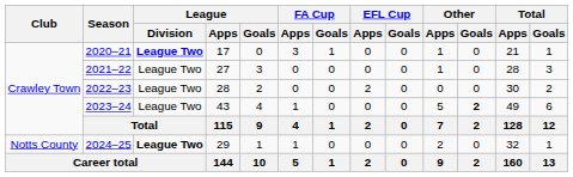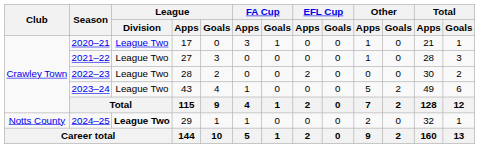 <table class=wikitable style=text-align:center>
 <tr>
 <th rowspan="2">Club</th>
 <th rowspan="2">Season</th>
 <th colspan="3">League</th>
 <th colspan="2"><a href='#'>FA Cup</a></th>
 <th colspan="2"><a href='#'>EFL Cup</a></th>
 <th colspan="2">Other</th>
 <th colspan="2">Total</th>
 </tr>
 <tr>
 <th>Division</th>
 <th>Apps</th>
 <th>Goals</th>
 <th>Apps</th>
 <th>Goals</th>
 <th>Apps</th>
 <th>Goals</th>
 <th>Apps</th>
 <th>Goals</th>
 <th>Apps</th>
 <th>Goals</th>
 </tr>
 <tr>
 <td rowspan="5"><a href='#'>Crawley Town</a></td>
 <td><a href='#'>2020–21</a></td>
-<td><strong><a href='#'>League Two</a></strong></td>
+<td><a href='#'>League Two</a></td>
 <td>17</td>
 <td>0</td>
 <td>3</td>
 <td>1</td>
 <td>0</td>
 <td>0</td>
 <td>1</td>
 <td>0</td>
 <td>21</td>
 <td>1</td>
 </tr>
 <tr>
 <td><a href='#'>2021–22</a></td>
 <td>League Two</td>
 <td>27</td>
 <td>3</td>
 <td>0</td>
 <td>0</td>
 <td>0</td>
 <td>0</td>
 <td>1</td>
 <td>0</td>
 <td>28</td>
 <td>3</td>
 </tr>
 <tr>
 <td><a href='#'>2022–23</a></td>
 <td>League Two</td>
 <td>28</td>
 <td>2</td>
 <td>0</td>
 <td>0</td>
 <td>2</td>
 <td>0</td>
 <td>0</td>
 <td>0</td>
 <td>30</td>
 <td>2</td>
 </tr>
 <tr>
 <td><a href='#'>2023–24</a></td>
 <td>League Two</td>
 <td>43</td>
 <td>4</td>
 <td>1</td>
 <td>0</td>
 <td>0</td>
 <td>0</td>
 <td>5</td>
-<td><strong>2</strong></td>
+<td>2</td>
 <td>49</td>
 <td>6</td>
 </tr>
 <tr>
 <th colspan="2">Total</th>
 <th>115</th>
 <th>9</th>
 <th>4</th>
 <th>1</th>
 <th>2</th>
 <th>0</th>
 <th>7</th>
 <th>2</th>
 <th>128</th>
 <th>12</th>
 </tr>
 <tr>
 <td><a href='#'>Notts County</a></td>
 <td><a href='#'>2024–25</a></td>
 <td><strong>League Two</strong></td>
 <td>29</td>
 <td>1</td>
 <td>1</td>
 <td>0</td>
 <td>0</td>
 <td>0</td>
 <td>2</td>
 <td>0</td>
 <td>32</td>
 <td>1</td>
 </tr>
 <tr>
 <th colspan="3">Career total</th>
 <th>144</th>
 <th>10</th>
 <th>5</th>
 <th>1</th>
 <th>2</th>
 <th>0</th>
 <th>9</th>
 <th>2</th>
 <th>160</th>
 <th>13</th>
 </tr>
 </table>
